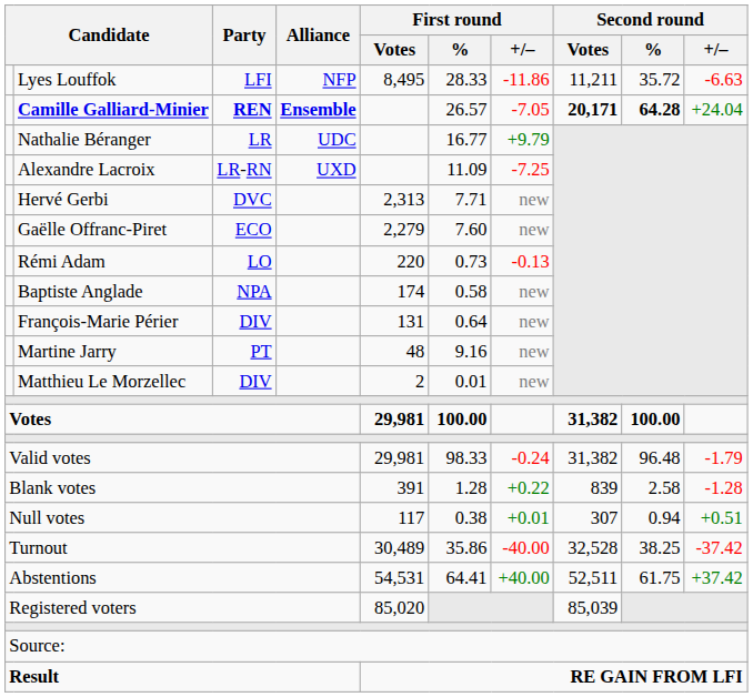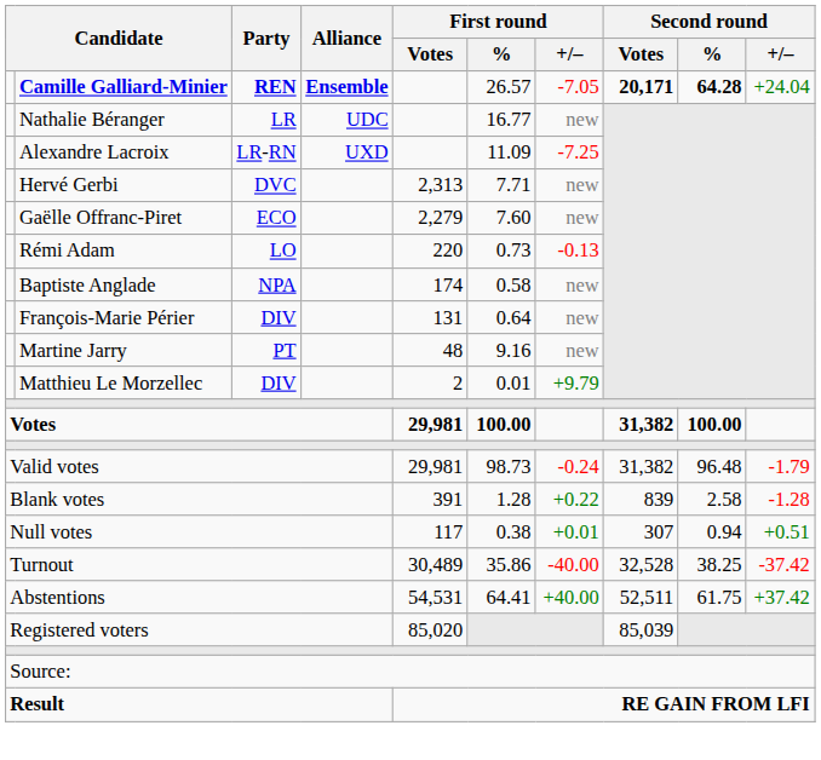 <table class="wikitable" style="text-align:right;font-size:95%;">
 <tr>
 <th rowspan="2" colspan="2">Candidate</th>
 <th colspan="1" rowspan="2">Party</th>
 <th colspan="1" rowspan="2">Alliance</th>
 <th colspan="3">First round</th>
 <th colspan="3">Second round</th>
 </tr>
 <tr>
 <th style="width:50px;">Votes</th>
 <th style="width:45px;">%</th>
 <th style="width:45px;">+/–</th>
 <th style="width:50px;">Votes</th>
 <th style="width:45px;">%</th>
 <th style="width:45px;">+/–</th>
-</tr>
-<tr>
-<td style="color:inherit;background:"></td>
-<td style="text-align:left;">Lyes Louffok</td>
-<td><a href='#'>LFI</a></td>
-<td><a href='#'>NFP</a></td>
-<td>8,495</td>
-<td>28.33</td>
-<td style="color:red;">-11.86</td>
-<td>11,211</td>
-<td>35.72</td>
-<td style="color:red;">-6.63</td>
 </tr>
 <tr>
 <td style="color:inherit;background:"></td>
 <td style="text-align:left;"><strong><a href='#'>Camille Galliard-Minier</a></strong></td>
 <td><a href='#'><strong>REN</strong></a></td>
 <td><a href='#'><strong>Ensemble</strong></a></td>
 <td></td>
 <td>26.57</td>
 <td style="color:red;">-7.05</td>
 <td><strong>20,171</strong></td>
 <td><strong>64.28</strong></td>
 <td style="color:green;">+24.04</td>
 </tr>
 <tr>
 <td style="color:inherit;background:"></td>
 <td style="text-align:left;">Nathalie Béranger</td>
 <td><a href='#'>LR</a></td>
 <td><a href='#'>UDC</a></td>
 <td></td>
 <td>16.77</td>
-<td style="color:green;">+9.79</td>
+<td style="color:grey;">new</td>
 <td colspan="3" rowspan="9" style="background:#E9E9E9;"></td>
 </tr>
 <tr>
 <td style="color:inherit;background:"></td>
 <td style="text-align:left;">Alexandre Lacroix</td>
 <td><a href='#'>LR</a>-<a href='#'>RN</a></td>
 <td><a href='#'>UXD</a></td>
 <td></td>
 <td>11.09</td>
 <td style="color:red;">-7.25</td>
 </tr>
 <tr>
 <td style="color:inherit;background:"></td>
 <td style="text-align:left;">Hervé Gerbi</td>
 <td><a href='#'>DVC</a></td>
 <td></td>
 <td>2,313</td>
 <td>7.71</td>
 <td style="color:grey;">new</td>
 </tr>
 <tr>
 <td style="color:inherit;background:"></td>
 <td style="text-align:left;">Gaëlle Offranc-Piret</td>
 <td><a href='#'>ECO</a></td>
 <td></td>
 <td>2,279</td>
 <td>7.60</td>
 <td style="color:grey;">new</td>
 </tr>
 <tr>
 <td style="color:inherit;background:"></td>
 <td style="text-align:left;">Rémi Adam</td>
 <td><a href='#'>LO</a></td>
 <td></td>
 <td>220</td>
 <td>0.73</td>
 <td style="color:red;">-0.13</td>
 </tr>
 <tr>
 <td style="color:inherit;background:"></td>
 <td style="text-align:left;">Baptiste Anglade</td>
 <td><a href='#'>NPA</a></td>
 <td></td>
 <td>174</td>
 <td>0.58</td>
 <td style="color:grey;">new</td>
 </tr>
 <tr>
 <td style="color:inherit;background:"></td>
 <td style="text-align:left;">François-Marie Périer</td>
 <td><a href='#'>DIV</a></td>
 <td></td>
 <td>131</td>
 <td>0.64</td>
 <td style="color:grey;">new</td>
 </tr>
 <tr>
 <td style="color:inherit;background:"></td>
 <td style="text-align:left;">Martine Jarry</td>
 <td><a href='#'>PT</a></td>
 <td></td>
 <td>48</td>
 <td>9.16</td>
 <td style="color:grey;">new</td>
 </tr>
 <tr>
 <td style="color:inherit;background:"></td>
 <td style="text-align:left;">Matthieu Le Morzellec</td>
 <td><a href='#'>DIV</a></td>
 <td></td>
 <td>2</td>
 <td>0.01</td>
-<td style="color:grey;">new</td>
+<td style="color:green;">+9.79</td>
 </tr>
 <tr>
 <td colspan="10" style="background:#E9E9E9;"></td>
 </tr>
 <tr style="font-weight:bold;">
 <td colspan="4" style="text-align:left;">Votes</td>
 <td>29,981</td>
 <td>100.00</td>
 <td></td>
 <td>31,382</td>
 <td>100.00</td>
 <td></td>
 </tr>
 <tr>
 <td colspan="10" style="background:#E9E9E9;"></td>
 </tr>
 <tr>
 <td colspan="4" style="text-align:left;">Valid votes</td>
 <td>29,981</td>
-<td>98.33</td>
+<td>98.73</td>
 <td style="color:red;">-0.24</td>
 <td>31,382</td>
 <td>96.48</td>
 <td style="color:red;">-1.79</td>
 </tr>
 <tr>
 <td colspan="4" style="text-align:left;">Blank votes</td>
 <td>391</td>
 <td>1.28</td>
 <td style="color:green;">+0.22</td>
 <td>839</td>
 <td>2.58</td>
 <td style="color:red;">-1.28</td>
 </tr>
 <tr>
 <td colspan="4" style="text-align:left;">Null votes</td>
 <td>117</td>
 <td>0.38</td>
 <td style="color:green;">+0.01</td>
 <td>307</td>
 <td>0.94</td>
 <td style="color:green;">+0.51</td>
 </tr>
 <tr>
 <td colspan="4" style="text-align:left;">Turnout</td>
 <td>30,489</td>
 <td>35.86</td>
 <td style="color:red;">-40.00</td>
 <td>32,528</td>
 <td>38.25</td>
 <td style="color:red;">-37.42</td>
 </tr>
 <tr>
 <td colspan="4" style="text-align:left;">Abstentions</td>
 <td>54,531</td>
 <td>64.41</td>
 <td style="color:green;">+40.00</td>
 <td>52,511</td>
 <td>61.75</td>
 <td style="color:green;">+37.42</td>
 </tr>
 <tr>
 <td colspan="4" style="text-align:left;">Registered voters</td>
 <td>85,020</td>
 <td colspan="2" style="background:#E9E9E9;"></td>
 <td>85,039</td>
 <td colspan="2" style="background:#E9E9E9;"></td>
 </tr>
 <tr>
 <td colspan="10" style="background:#E9E9E9;"></td>
 </tr>
 <tr>
 <td colspan="10" style="text-align:left;">Source: </td>
 </tr>
 <tr style="font-weight:bold">
 <td colspan="4" style="text-align:left;">Result</td>
 <td colspan="6" style="background-color:">RE GAIN FROM LFI</td>
 </tr>
 </table>
